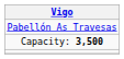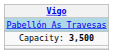 <table class="wikitable" style="margin:1em auto; text-align:center">
 <tr>
 <th><a href='#'>Vigo</a></th>
 </tr>
 <tr>
-<td><a href='#'>Pabellón As Travesas</a></td>
+<td style="background: lightblue;"><a href='#'>Pabellón As Travesas</a></td>
 </tr>
 <tr>
 <td>Capacity: <strong>3,500</strong></td>
 </tr>
 <tr>
 <td></td>
 </tr>
 <tr>
 </tr>
 </table>
